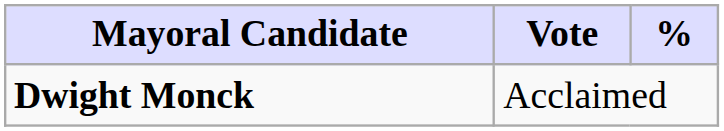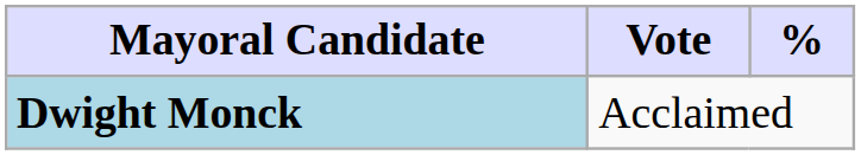 <table class="wikitable">
 <tr>
 <th style="background:#ddf; width:200px;">Mayoral Candidate</th>
 <th style="background:#ddf; width:50px;">Vote</th>
 <th style="background:#ddf; width:30px;">%</th>
 </tr>
 <tr>
-<td><strong>Dwight Monck</strong></td>
+<td style="background: lightblue;"><strong>Dwight Monck</strong></td>
 <td colspan="2">Acclaimed</td>
 </tr>
 </table>
